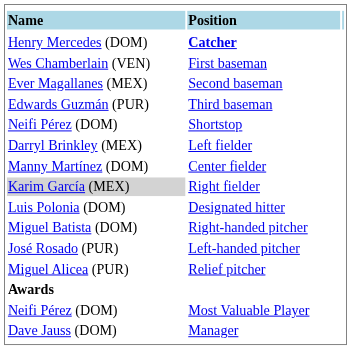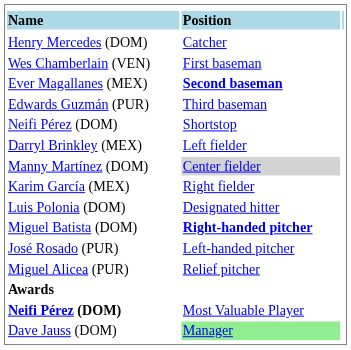 <table cellpadding="1" width="350px" style="font-size: 90%; border: 1px solid gray;">
 <tr align="center" style="font-size: larger;">
 <td colspan=6></td>
 </tr>
 <tr style="background:lightblue;">
 <td><strong>Name</strong></td>
 <td><strong>Position</strong></td>
 <td></td>
 </tr>
 <tr align="center" style="vertical-align: middle;" style="background:lightblue;">
 </tr>
 <tr>
 <td><a href='#'>Henry Mercedes</a> (DOM)</td>
-<td><strong><a href='#'>Catcher</a></strong></td>
+<td><a href='#'>Catcher</a></td>
 </tr>
 <tr>
 <td><a href='#'>Wes Chamberlain</a> (VEN)</td>
 <td><a href='#'>First baseman</a></td>
 </tr>
 <tr>
 <td><a href='#'>Ever Magallanes</a> (MEX)</td>
-<td><a href='#'>Second baseman</a></td>
+<td><strong><a href='#'>Second baseman</a></strong></td>
 </tr>
 <tr>
 <td><a href='#'>Edwards Guzmán</a> (PUR)</td>
 <td><a href='#'>Third baseman</a></td>
 </tr>
 <tr>
 <td><a href='#'>Neifi Pérez</a> (DOM)</td>
 <td><a href='#'>Shortstop</a></td>
 </tr>
 <tr>
 <td><a href='#'>Darryl Brinkley</a> (MEX)</td>
 <td><a href='#'>Left fielder</a></td>
 </tr>
 <tr>
 <td><a href='#'>Manny Martínez</a> (DOM)</td>
-<td><a href='#'>Center fielder</a></td>
+<td style="background: lightgrey;"><a href='#'>Center fielder</a></td>
 </tr>
 <tr>
-<td style="background: lightgrey;"><a href='#'>Karim García</a> (MEX)</td>
+<td><a href='#'>Karim García</a> (MEX)</td>
 <td><a href='#'>Right fielder</a></td>
 </tr>
 <tr>
 <td><a href='#'>Luis Polonia</a> (DOM)</td>
 <td><a href='#'>Designated hitter</a></td>
 </tr>
 <tr>
 <td><a href='#'>Miguel Batista</a> (DOM)</td>
-<td><a href='#'>Right-handed pitcher</a></td>
+<td><strong><a href='#'>Right-handed pitcher</a></strong></td>
 </tr>
 <tr>
 <td><a href='#'>José Rosado</a> (PUR)</td>
 <td><a href='#'>Left-handed pitcher</a></td>
 </tr>
 <tr>
 <td><a href='#'>Miguel Alicea</a> (PUR)</td>
 <td><a href='#'>Relief pitcher</a></td>
 </tr>
 <tr>
 <td><strong>Awards</strong></td>
 </tr>
 <tr>
-<td><a href='#'>Neifi Pérez</a> (DOM)</td>
+<td><strong><a href='#'>Neifi Pérez</a> (DOM)</strong></td>
 <td><a href='#'>Most Valuable Player</a></td>
 </tr>
 <tr>
 <td><a href='#'>Dave Jauss</a> (DOM)</td>
-<td><a href='#'>Manager</a></td>
+<td style="background: lightgreen;"><a href='#'>Manager</a></td>
 </tr>
 <tr>
 </tr>
 </table>
